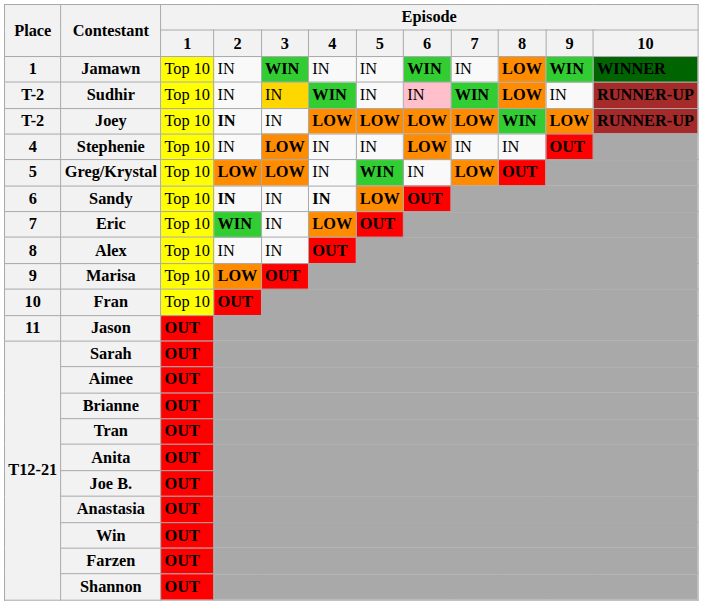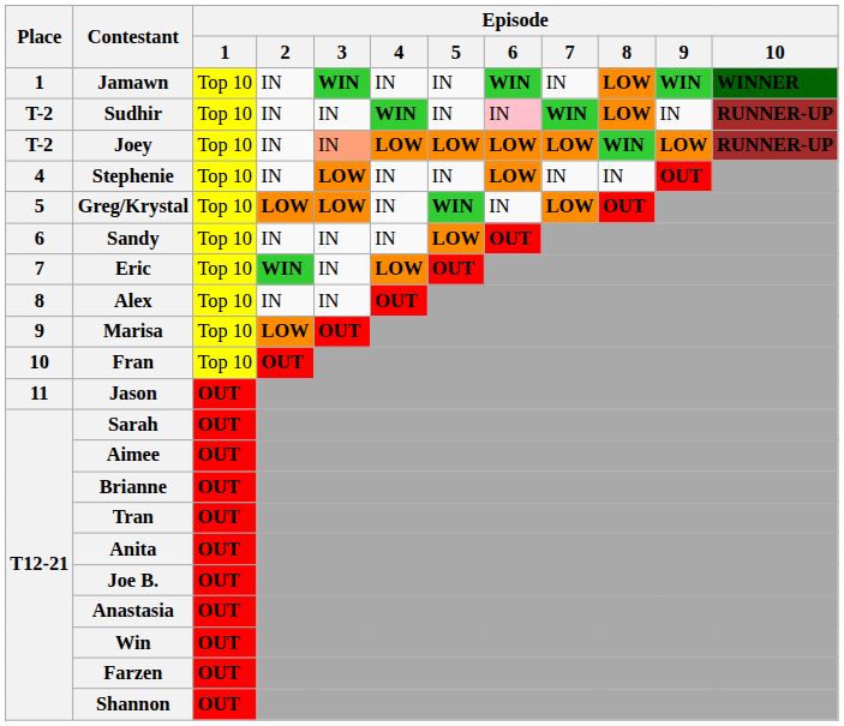 <table class="wikitable">
 <tr>
 <th rowspan="2">Place</th>
 <th rowspan="2">Contestant</th>
 <th colspan="10">Episode</th>
 </tr>
 <tr>
 <th>1</th>
 <th>2</th>
 <th>3</th>
 <th>4</th>
 <th>5</th>
 <th>6</th>
 <th>7</th>
 <th>8</th>
 <th>9</th>
 <th>10</th>
 </tr>
 <tr>
 <th>1</th>
 <th>Jamawn</th>
 <td style="background:yellow">Top 10</td>
 <td>IN</td>
 <td style="background:limegreen;"><strong>WIN</strong></td>
 <td>IN</td>
 <td>IN</td>
 <td style="background:limegreen;"><strong>WIN</strong></td>
 <td>IN</td>
 <td style="background:darkorange;"><strong>LOW</strong></td>
 <td style="background:limegreen;"><strong>WIN</strong></td>
 <td style="background:darkgreen;"><strong>WINNER</strong></td>
 </tr>
 <tr>
 <th>T-2</th>
 <th>Sudhir</th>
 <td style="background:yellow">Top 10</td>
 <td>IN</td>
-<td style="background: gold;">IN</td>
+<td>IN</td>
 <td style="background:limegreen;"><strong>WIN</strong></td>
 <td>IN</td>
 <td style="background: pink;">IN</td>
 <td style="background:limegreen;"><strong>WIN</strong></td>
 <td style="background:darkorange;"><strong>LOW</strong></td>
 <td>IN</td>
 <td style="background:brown;"><strong>RUNNER-UP</strong></td>
 </tr>
 <tr>
 <th>T-2</th>
 <th>Joey</th>
 <td style="background:yellow">Top 10</td>
-<td><strong>IN</strong></td>
 <td>IN</td>
+<td style="background: lightsalmon;">IN</td>
 <td style="background:darkorange;"><strong>LOW</strong></td>
 <td style="background:darkorange;"><strong>LOW</strong></td>
 <td style="background:darkorange;"><strong>LOW</strong></td>
 <td style="background:darkorange;"><strong>LOW</strong></td>
 <td style="background:limegreen;"><strong>WIN</strong></td>
 <td style="background:darkorange;"><strong>LOW</strong></td>
 <td style="background:brown;"><strong>RUNNER-UP</strong></td>
 </tr>
 <tr>
 <th>4</th>
 <th>Stephenie</th>
 <td style="background:yellow">Top 10</td>
 <td>IN</td>
 <td style="background:darkorange;"><strong>LOW</strong></td>
 <td>IN</td>
 <td>IN</td>
 <td style="background:darkorange;"><strong>LOW</strong></td>
 <td>IN</td>
 <td>IN</td>
 <td style="background:red;"><strong>OUT</strong></td>
 <td style="background:darkgrey;"></td>
 </tr>
 <tr>
 <th>5</th>
 <th>Greg/Krystal</th>
 <td style="background:yellow">Top 10</td>
 <td style="background:darkorange;"><strong>LOW</strong></td>
 <td style="background:darkorange;"><strong>LOW</strong></td>
 <td>IN</td>
 <td style="background:limegreen;"><strong>WIN</strong></td>
 <td>IN</td>
 <td style="background:darkorange;"><strong>LOW</strong></td>
 <td style="background:red;"><strong>OUT</strong></td>
 <td colspan="2" style="background:darkgrey;"></td>
 </tr>
 <tr>
 <th>6</th>
 <th>Sandy</th>
 <td style="background:yellow">Top 10</td>
-<td><strong>IN</strong></td>
 <td>IN</td>
-<td><strong>IN</strong></td>
+<td>IN</td>
+<td>IN</td>
 <td style="background:darkorange;"><strong>LOW</strong></td>
 <td style="background:red;"><strong>OUT</strong></td>
 <td colspan="4" style="background:darkgrey;"></td>
 </tr>
 <tr>
 <th>7</th>
 <th>Eric</th>
 <td style="background:yellow;">Top 10</td>
 <td style="background:limegreen;"><strong>WIN</strong></td>
 <td>IN</td>
 <td style="background:darkorange;"><strong>LOW</strong></td>
 <td style="background:red;"><strong>OUT</strong></td>
 <td colspan="5" style="background:darkgrey;"></td>
 </tr>
 <tr>
 <th>8</th>
 <th>Alex</th>
 <td style="background:yellow;">Top 10</td>
 <td>IN</td>
 <td>IN</td>
 <td style="background:red;"><strong>OUT</strong></td>
 <td colspan="6" style="background:darkgrey;"></td>
 </tr>
 <tr>
 <th>9</th>
 <th>Marisa</th>
 <td style="background:yellow">Top 10</td>
 <td style="background:darkorange;"><strong>LOW</strong></td>
 <td style="background:red;"><strong>OUT</strong></td>
 <td colspan="7" style="background:darkgrey;"></td>
 </tr>
 <tr>
 <th>10</th>
 <th>Fran</th>
 <td style="background:yellow">Top 10</td>
 <td style="background:red;"><strong>OUT</strong></td>
 <td colspan="8" style="background:darkgrey;"></td>
 </tr>
 <tr>
 <th>11</th>
 <th>Jason</th>
 <td style="background:red;"><strong>OUT</strong></td>
 <td colspan="9" style="background:darkgrey;"></td>
 </tr>
 <tr>
 <th rowspan=10>T12-21</th>
 <th>Sarah</th>
 <td style="background:red;"><strong>OUT</strong></td>
 <td colspan="9" style="background:darkgrey;"></td>
 </tr>
 <tr>
 <th>Aimee</th>
 <td style="background:red;"><strong>OUT</strong></td>
 <td colspan="9" style="background:darkgrey;"></td>
 </tr>
 <tr>
 <th>Brianne</th>
 <td style="background:red;"><strong>OUT</strong></td>
 <td colspan="9" style="background:darkgrey;"></td>
 </tr>
 <tr>
 <th>Tran</th>
 <td style="background:red;"><strong>OUT</strong></td>
 <td colspan="9" style="background:darkgrey;"></td>
 </tr>
 <tr>
 <th>Anita</th>
 <td style="background:red;"><strong>OUT</strong></td>
 <td colspan="9" style="background:darkgrey;"></td>
 </tr>
 <tr>
 <th>Joe B.</th>
 <td style="background:red;"><strong>OUT</strong></td>
 <td colspan="9" style="background:darkgrey;"></td>
 </tr>
 <tr>
 <th>Anastasia</th>
 <td style="background:red;"><strong>OUT</strong></td>
 <td colspan="9" style="background:darkgrey;"></td>
 </tr>
 <tr>
 <th>Win</th>
 <td style="background:red;"><strong>OUT</strong></td>
 <td colspan="9" style="background:darkgrey;"></td>
 </tr>
 <tr>
 <th>Farzen</th>
 <td style="background:red;"><strong>OUT</strong></td>
 <td colspan="9" style="background:darkgrey;"></td>
 </tr>
 <tr>
 <th>Shannon</th>
 <td style="background:red;"><strong>OUT</strong></td>
 <td colspan="9" style="background:darkgrey;"></td>
 </tr>
 </table>
